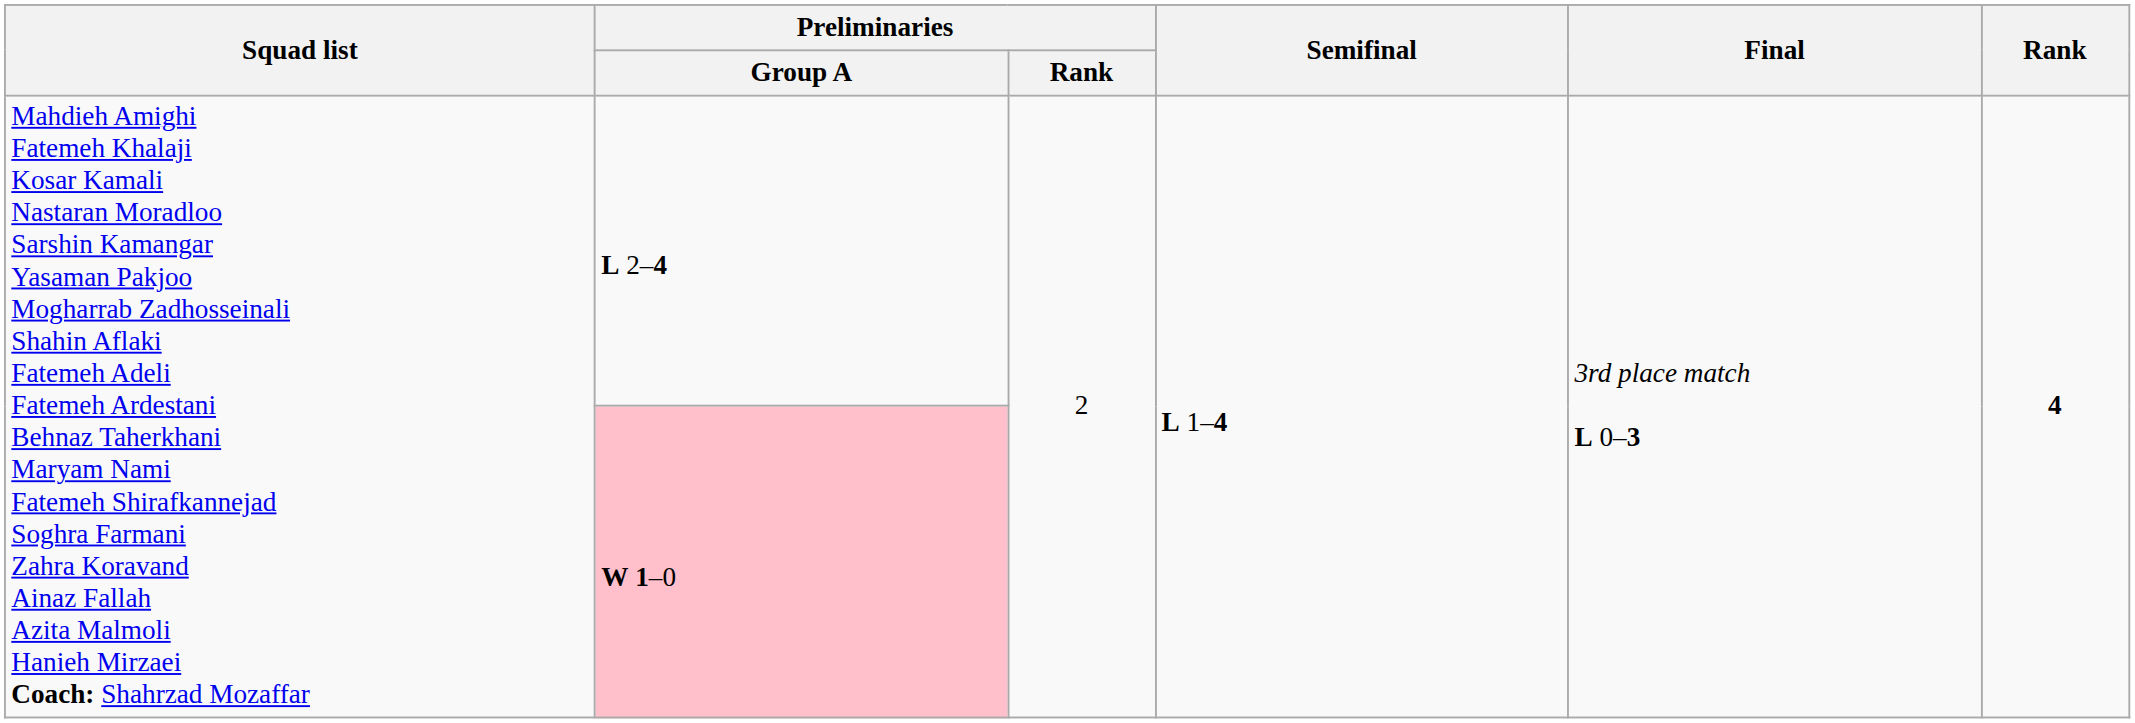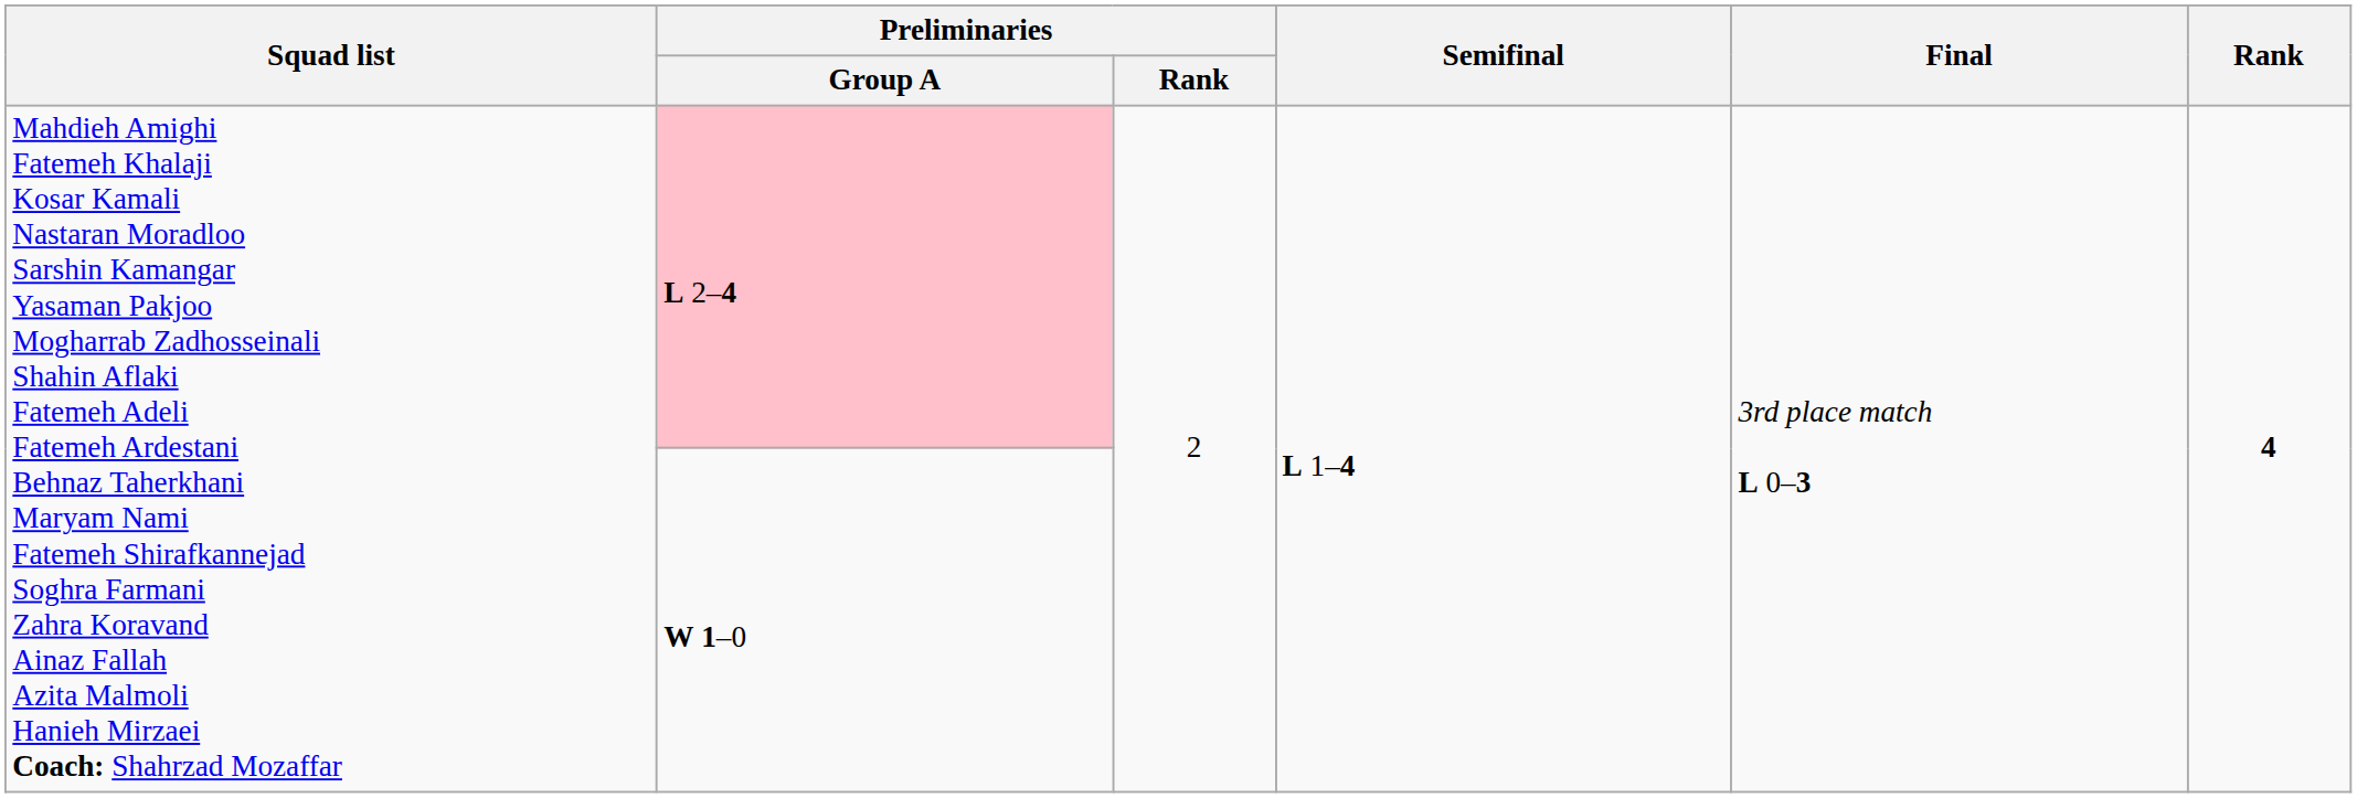 <table class="wikitable" width="71%" style="text-align:left; font-size:90%">
 <tr>
 <th rowspan="2" width="20%">Squad list</th>
 <th colspan="2">Preliminaries</th>
 <th rowspan="2" width="14%">Semifinal</th>
 <th rowspan="2" width="14%">Final</th>
 <th rowspan="2" width="5%">Rank</th>
 </tr>
 <tr>
 <th width="14%">Group A</th>
 <th width="5%">Rank</th>
 </tr>
 <tr>
 <td rowspan="2"><a href='#'>Mahdieh Amighi</a><br><a href='#'>Fatemeh Khalaji</a><br><a href='#'>Kosar Kamali</a><br><a href='#'>Nastaran Moradloo</a><br><a href='#'>Sarshin Kamangar</a><br><a href='#'>Yasaman Pakjoo</a><br><a href='#'>Mogharrab Zadhosseinali</a><br><a href='#'>Shahin Aflaki</a><br><a href='#'>Fatemeh Adeli</a><br><a href='#'>Fatemeh Ardestani</a><br><a href='#'>Behnaz Taherkhani</a><br><a href='#'>Maryam Nami</a><br><a href='#'>Fatemeh Shirafkannejad</a><br><a href='#'>Soghra Farmani</a><br><a href='#'>Zahra Koravand</a><br><a href='#'>Ainaz Fallah</a><br><a href='#'>Azita Malmoli</a><br><a href='#'>Hanieh Mirzaei</a><br><strong>Coach:</strong> <a href='#'>Shahrzad Mozaffar</a></td>
-<td><br><strong>L</strong> 2–<strong>4</strong></td>
+<td style="background: pink;"><br><strong>L</strong> 2–<strong>4</strong></td>
 <td rowspan="2" align=center>2 <strong></strong></td>
 <td rowspan="2"><br><strong>L</strong> 1–<strong>4</strong></td>
 <td rowspan="2"><em>3rd place match</em><br><br><strong>L</strong> 0–<strong>3</strong></td>
 <td rowspan="2" align="center"><strong>4</strong></td>
 </tr>
 <tr>
-<td style="background: pink;"><br><strong>W</strong> <strong>1</strong>–0</td>
+<td><br><strong>W</strong> <strong>1</strong>–0</td>
 </tr>
 </table>
